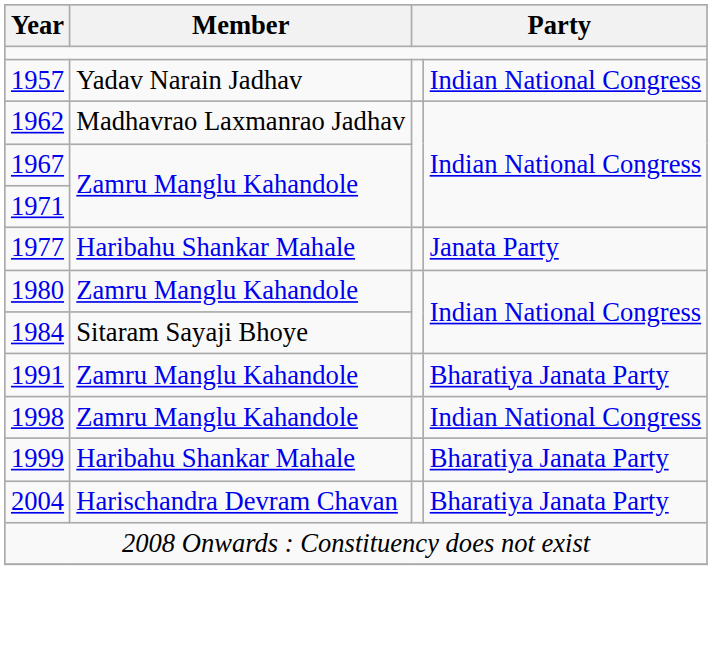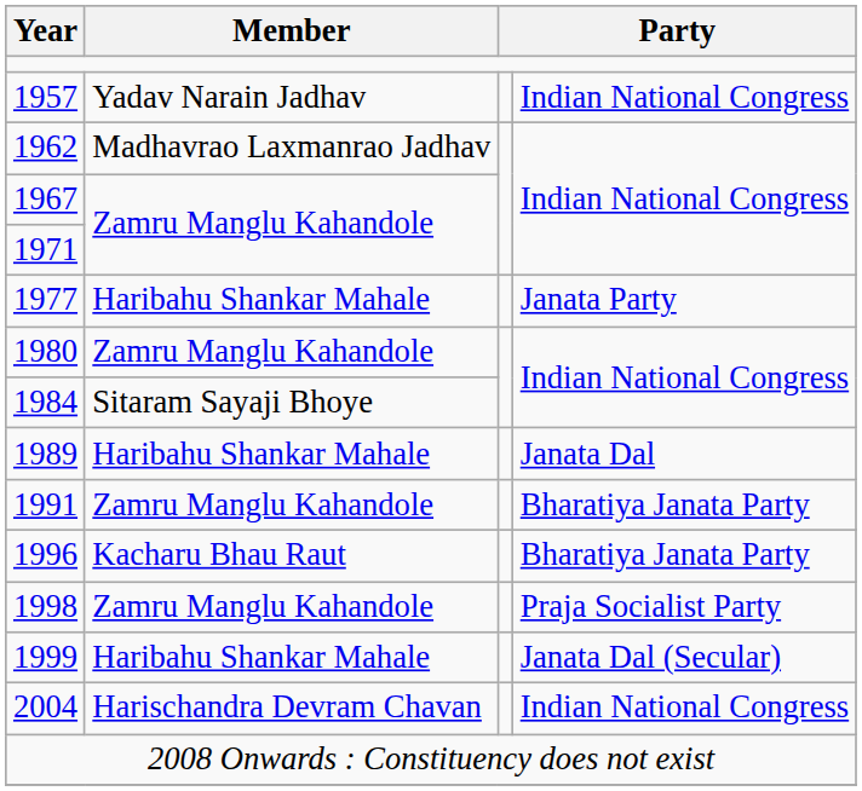 <table class="wikitable">
 <tr>
 <th>Year</th>
 <th>Member</th>
 <th colspan="2">Party</th>
 </tr>
 <tr>
 <td colspan=4></td>
 </tr>
 <tr>
 <td><a href='#'>1957</a></td>
 <td>Yadav Narain Jadhav</td>
 <td style="background-color: "></td>
 <td><a href='#'>Indian National Congress</a></td>
 </tr>
 <tr>
 <td><a href='#'>1962</a></td>
 <td>Madhavrao Laxmanrao Jadhav</td>
 <td rowspan=3 style="background-color: "></td>
 <td rowspan=3><a href='#'>Indian National Congress</a></td>
 </tr>
 <tr>
 <td><a href='#'>1967</a></td>
 <td rowspan=2><a href='#'>Zamru Manglu Kahandole</a></td>
 </tr>
 <tr>
 <td><a href='#'>1971</a></td>
 </tr>
 <tr>
 <td><a href='#'>1977</a></td>
 <td><a href='#'>Haribahu Shankar Mahale</a></td>
 <td style="background-color: "></td>
 <td><a href='#'>Janata Party</a></td>
 </tr>
 <tr>
 <td><a href='#'>1980</a></td>
 <td><a href='#'>Zamru Manglu Kahandole</a></td>
 <td rowspan=2 style="background-color: "></td>
 <td rowspan=2><a href='#'>Indian National Congress</a></td>
 </tr>
 <tr>
 <td><a href='#'>1984</a></td>
 <td>Sitaram Sayaji Bhoye</td>
 </tr>
 <tr>
+<td><a href='#'>1989</a></td>
+<td><a href='#'>Haribahu Shankar Mahale</a></td>
+<td style="background-color: "></td>
+<td><a href='#'>Janata Dal</a></td>
+</tr>
+<tr>
 <td><a href='#'>1991</a></td>
 <td><a href='#'>Zamru Manglu Kahandole</a></td>
+<td style="background-color: "></td>
+<td><a href='#'>Bharatiya Janata Party</a></td>
+</tr>
+<tr>
+<td><a href='#'>1996</a></td>
+<td><a href='#'>Kacharu Bhau Raut</a></td>
 <td style="background-color: "></td>
 <td><a href='#'>Bharatiya Janata Party</a></td>
 </tr>
 <tr>
 <td><a href='#'>1998</a></td>
 <td><a href='#'>Zamru Manglu Kahandole</a></td>
 <td style="background-color: "></td>
-<td><a href='#'>Indian National Congress</a></td>
+<td><a href='#'>Praja Socialist Party</a></td>
 </tr>
 <tr>
 <td><a href='#'>1999</a></td>
 <td><a href='#'>Haribahu Shankar Mahale</a></td>
 <td style="background-color: "></td>
-<td><a href='#'>Bharatiya Janata Party</a></td>
+<td><a href='#'>Janata Dal (Secular)</a></td>
 </tr>
 <tr>
 <td><a href='#'>2004</a></td>
 <td><a href='#'>Harischandra Devram Chavan</a></td>
 <td style="background-color: "></td>
-<td><a href='#'>Bharatiya Janata Party</a></td>
+<td><a href='#'>Indian National Congress</a></td>
 </tr>
 <tr>
 <td colspan=4 align=center><em>2008 Onwards : Constituency does not exist</em></td>
 </tr>
 <tr>
 </tr>
 </table>
